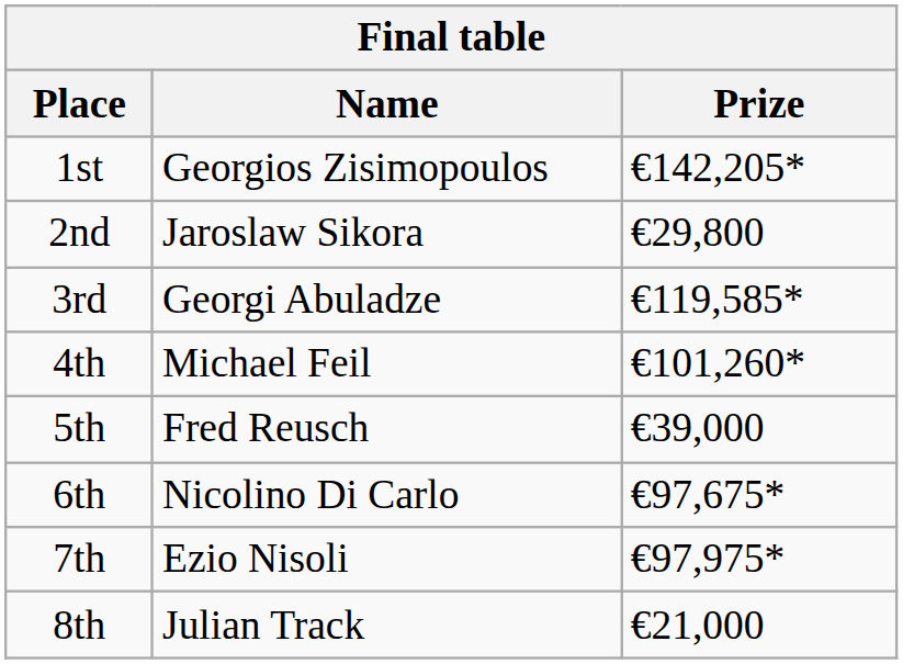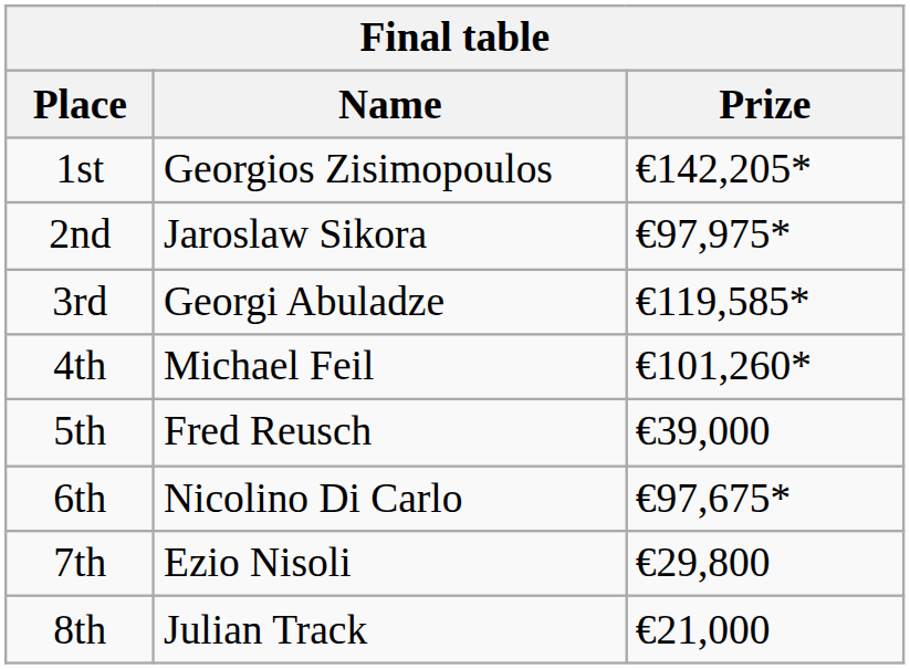 <table class="wikitable">
 <tr>
 <th colspan="3">Final table</th>
 </tr>
 <tr>
 <th style="width:50px;">Place</th>
 <th style="width:175px;">Name</th>
 <th style="width:100px;">Prize</th>
 </tr>
 <tr>
 <td style="text-align:center;">1st</td>
 <td> Georgios Zisimopoulos</td>
 <td>€142,205*</td>
 </tr>
 <tr>
 <td style="text-align:center;">2nd</td>
 <td> Jaroslaw Sikora</td>
-<td>€29,800</td>
+<td>€97,975*</td>
 </tr>
 <tr>
 <td style="text-align:center;">3rd</td>
 <td> Georgi Abuladze</td>
 <td>€119,585*</td>
 </tr>
 <tr>
 <td style="text-align:center;">4th</td>
 <td> Michael Feil</td>
 <td>€101,260*</td>
 </tr>
 <tr>
 <td style="text-align:center;">5th</td>
 <td> Fred Reusch</td>
 <td>€39,000</td>
 </tr>
 <tr>
 <td style="text-align:center;">6th</td>
 <td> Nicolino Di Carlo</td>
 <td>€97,675*</td>
 </tr>
 <tr>
 <td style="text-align:center;">7th</td>
 <td> Ezio Nisoli</td>
-<td>€97,975*</td>
+<td>€29,800</td>
 </tr>
 <tr>
 <td style="text-align:center;">8th</td>
 <td> Julian Track</td>
 <td>€21,000</td>
 </tr>
 </table>
